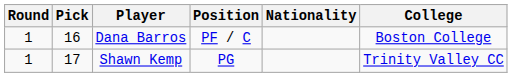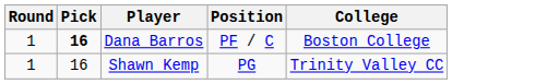 <table class="wikitable sortable sortable">
 <tr>
 <th>Round</th>
 <th>Pick</th>
 <th>Player</th>
 <th>Position</th>
-<th>Nationality</th>
 <th>College</th>
 </tr>
 <tr style="text-align: center">
 <td>1</td>
-<td>16</td>
+<td><strong>16</strong></td>
 <td><a href='#'>Dana Barros</a></td>
 <td><a href='#'>PF</a> / <a href='#'>C</a></td>
-<td></td>
 <td><a href='#'>Boston College</a></td>
 </tr>
 <tr style="text-align: center">
 <td>1</td>
-<td>17</td>
+<td>16</td>
 <td><a href='#'>Shawn Kemp</a></td>
 <td><a href='#'>PG</a></td>
-<td></td>
 <td><a href='#'>Trinity Valley CC</a></td>
 </tr>
 </table>
